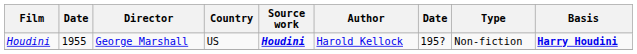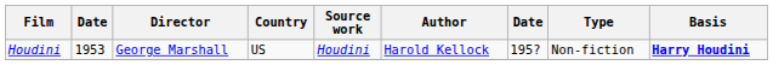 <table class="wikitable" style=width:90%>
 <tr bgcolor="#CCCCCC">
 <th>Film</th>
 <th>Date</th>
 <th>Director</th>
 <th>Country</th>
 <th>Source<br>work</th>
 <th>Author</th>
 <th>Date</th>
 <th>Type</th>
 <th>Basis</th>
 </tr>
 <tr>
 <td><em><a href='#'>Houdini</a></em></td>
-<td>1955</td>
+<td>1953</td>
 <td><a href='#'>George Marshall</a></td>
 <td>US</td>
-<td><strong><em><a href='#'>Houdini</a></em></strong></td>
+<td><em><a href='#'>Houdini</a></em></td>
 <td><a href='#'>Harold Kellock</a></td>
 <td>195?</td>
 <td>Non-fiction</td>
 <td><strong><a href='#'>Harry Houdini</a></strong></td>
 </tr>
 <tr>
 </tr>
 </table>
